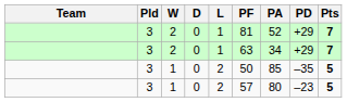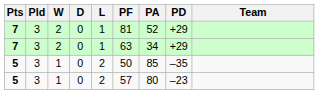 <table class="wikitable" style="text-align:center;">
 <tr>
-<th width=175>Team</th>
+<th width=25 abbr="Points">Pts</th>
 <th width=25 abbr="Played">Pld</th>
 <th width=25 abbr="Won">W</th>
 <th width=25 abbr="Drawn">D</th>
 <th width=25 abbr="Lost">L</th>
 <th width=32 abbr="Points for">PF</th>
 <th width=32 abbr="Points against">PA</th>
 <th width=32 abbr="Points difference">PD</th>
-<th width=25 abbr="Points">Pts</th>
+<th width=175>Team</th>
 </tr>
 <tr bgcolor=ccffcc>
-<td align=left></td>
+<td><strong>7</strong></td>
 <td>3</td>
 <td>2</td>
 <td>0</td>
 <td>1</td>
 <td>81</td>
 <td>52</td>
 <td>+29</td>
-<td><strong>7</strong></td>
+<td align=left></td>
 </tr>
 <tr bgcolor=ccffcc>
-<td align=left></td>
+<td><strong>7</strong></td>
 <td>3</td>
 <td>2</td>
 <td>0</td>
 <td>1</td>
 <td>63</td>
 <td>34</td>
 <td>+29</td>
-<td><strong>7</strong></td>
+<td align=left></td>
 </tr>
 <tr>
-<td align=left></td>
+<td><strong>5</strong></td>
 <td>3</td>
 <td>1</td>
 <td>0</td>
 <td>2</td>
 <td>50</td>
 <td>85</td>
 <td>–35</td>
-<td><strong>5</strong></td>
+<td align=left></td>
 </tr>
 <tr>
-<td align=left></td>
+<td><strong>5</strong></td>
 <td>3</td>
 <td>1</td>
 <td>0</td>
 <td>2</td>
 <td>57</td>
 <td>80</td>
 <td>–23</td>
-<td><strong>5</strong></td>
+<td align=left></td>
 </tr>
 </table>
